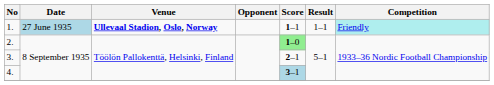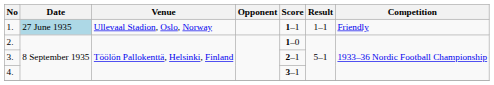 <table class="wikitable" style="font-size:85%;">
 <tr>
 <th>No</th>
 <th>Date</th>
 <th>Venue</th>
 <th>Opponent</th>
 <th>Score</th>
 <th>Result</th>
 <th>Competition</th>
 </tr>
 <tr>
 <td>1.</td>
 <td style="background: lightblue;">27 June 1935</td>
-<td><strong><a href='#'>Ullevaal Stadion</a>, <a href='#'>Oslo</a>, <a href='#'>Norway</a></strong></td>
+<td><a href='#'>Ullevaal Stadion</a>, <a href='#'>Oslo</a>, <a href='#'>Norway</a></td>
 <td></td>
 <td align=center><strong>1</strong>–1</td>
 <td align=center>1–1</td>
-<td style="background: paleturquoise;"><a href='#'>Friendly</a></td>
+<td><a href='#'>Friendly</a></td>
 </tr>
 <tr>
 <td>2.</td>
 <td rowspan="3">8 September 1935</td>
 <td rowspan="3"><a href='#'>Töölön Pallokenttä</a>, <a href='#'>Helsinki</a>, <a href='#'>Finland</a></td>
 <td rowspan="3"></td>
-<td align=center style="background: lightgreen;"><strong>1</strong>–0</td>
+<td align=center><strong>1</strong>–0</td>
 <td align=center rowspan="3">5–1</td>
 <td rowspan="3"><a href='#'>1933–36 Nordic Football Championship</a></td>
 </tr>
 <tr>
 <td>3.</td>
 <td align=center><strong>2</strong>–1</td>
 </tr>
 <tr>
 <td>4.</td>
-<td align=center style="background: lightblue;"><strong>3</strong>–1</td>
+<td align=center><strong>3</strong>–1</td>
 </tr>
 <tr>
 </tr>
 </table>
